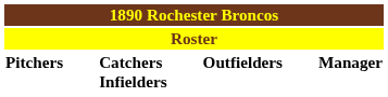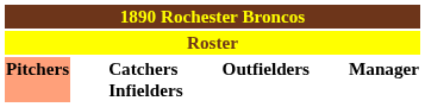 <table class="toccolours" style="font-size: 95%;">
 <tr>
 <th colspan="10" style="background-color: #6D351A; color: yellow; text-align: center;">1890 Rochester Broncos</th>
 </tr>
 <tr>
 <td colspan="10" style="background-color: yellow; color: #6D351A; text-align: center;"><strong>Roster</strong></td>
 </tr>
 <tr>
-<td valign="top"><strong>Pitchers</strong><br>     </td>
+<td valign="top" style="background: lightsalmon;"><strong>Pitchers</strong><br>     </td>
 <td width="25px"></td>
 <td valign="top"><strong>Catchers</strong><br>  <strong>Infielders</strong>       </td>
 <td width="25px"></td>
 <td valign="top"><strong>Outfielders</strong><br>    </td>
 <td width="25px"></td>
 <td valign="top"><strong>Manager</strong><br></td>
 </tr>
 </table>
